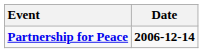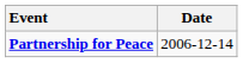 <table class="wikitable sortable" style="text-align:center; font-size:90%;">
 <tr>
 <th style="text-align:left;">Event</th>
 <th>Date</th>
 </tr>
 <tr>
 <td style="text-align:left;"><strong><a href='#'>Partnership for Peace</a></strong></td>
-<td><strong>2006-12-14</strong></td>
+<td>2006-12-14</td>
 </tr>
 </table>
